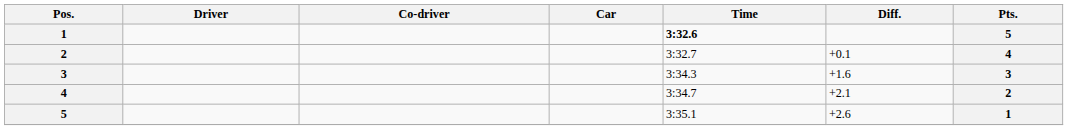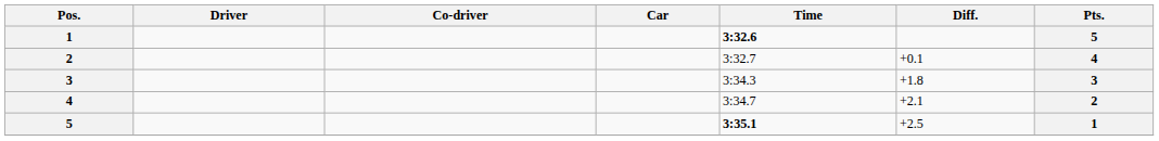 <table class="wikitable" width=60% style="font-size: 85%;">
 <tr>
 <th>Pos.</th>
 <th>Driver</th>
 <th>Co-driver</th>
 <th>Car</th>
 <th>Time</th>
 <th>Diff.</th>
 <th>Pts.</th>
 </tr>
 <tr>
 <th>1</th>
 <td></td>
 <td></td>
 <td></td>
 <td><strong>3:32.6</strong></td>
 <td></td>
 <th>5</th>
 </tr>
 <tr>
 <th>2</th>
 <td></td>
 <td></td>
 <td></td>
 <td>3:32.7</td>
 <td>+0.1</td>
 <th>4</th>
 </tr>
 <tr>
 <th>3</th>
 <td></td>
 <td></td>
 <td></td>
 <td>3:34.3</td>
-<td>+1.6</td>
+<td>+1.8</td>
 <th>3</th>
 </tr>
 <tr>
 <th>4</th>
 <td></td>
 <td></td>
 <td></td>
 <td>3:34.7</td>
 <td>+2.1</td>
 <th>2</th>
 </tr>
 <tr>
 <th>5</th>
 <td></td>
 <td></td>
 <td></td>
-<td>3:35.1</td>
-<td>+2.6</td>
+<td><strong>3:35.1</strong></td>
+<td>+2.5</td>
 <th>1</th>
 </tr>
 <tr>
 </tr>
 </table>
